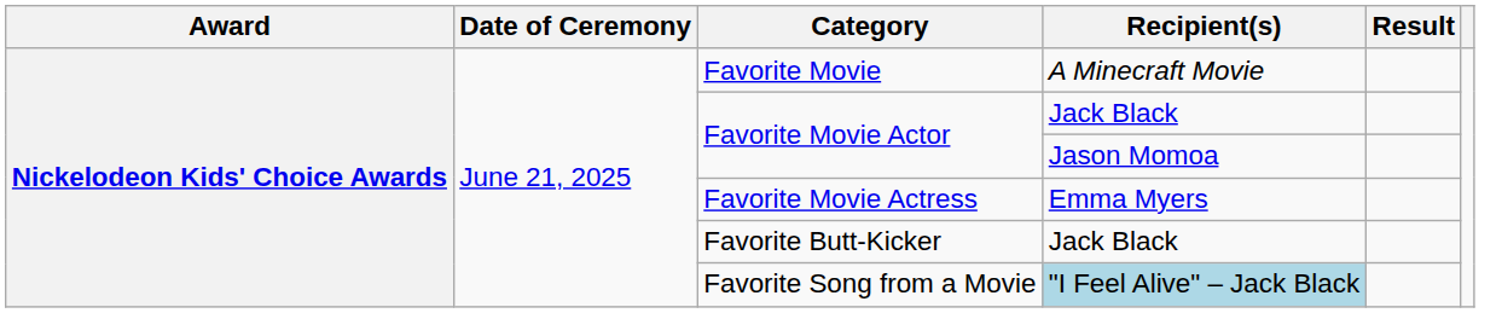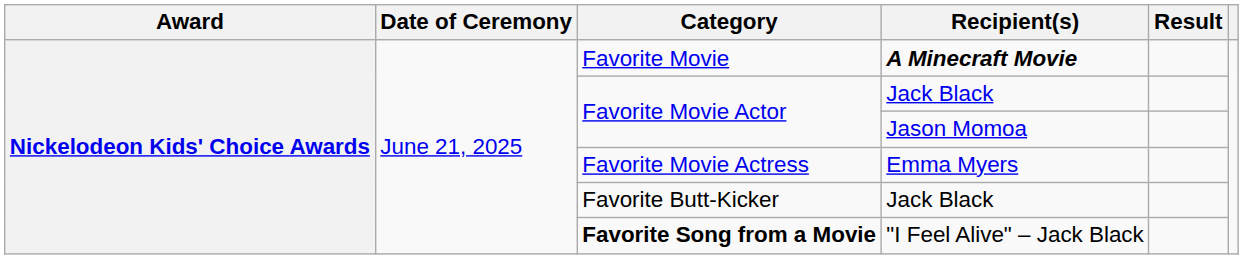 <table class="wikitable sortable plainrowheaders col6center">
 <tr>
 <th scope="col">Award</th>
 <th scope="col">Date of Ceremony</th>
 <th scope="col">Category</th>
 <th scope="col">Recipient(s)</th>
 <th scope="col">Result</th>
 <th scope="col" class="unsortable"></th>
 </tr>
 <tr>
 <th rowspan="6" scope="rowgroup"><a href='#'>Nickelodeon Kids' Choice Awards</a></th>
 <td rowspan="6"><a href='#'>June 21, 2025</a></td>
 <td><a href='#'>Favorite Movie</a></td>
-<td><em>A Minecraft Movie</em></td>
+<td><strong><em>A Minecraft Movie</em></strong></td>
 <td></td>
 <td rowspan="6"></td>
 </tr>
 <tr>
 <td rowspan="2"><a href='#'>Favorite Movie Actor</a></td>
 <td><a href='#'>Jack Black</a></td>
 <td></td>
 </tr>
 <tr>
 <td><a href='#'>Jason Momoa</a></td>
 <td></td>
 </tr>
 <tr>
 <td><a href='#'>Favorite Movie Actress</a></td>
 <td><a href='#'>Emma Myers</a></td>
 <td></td>
 </tr>
 <tr>
 <td>Favorite Butt-Kicker</td>
 <td>Jack Black</td>
 <td></td>
 </tr>
 <tr>
-<td>Favorite Song from a Movie</td>
-<td style="background: lightblue;">"I Feel Alive" – Jack Black</td>
+<td><strong>Favorite Song from a Movie</strong></td>
+<td>"I Feel Alive" – Jack Black</td>
 <td></td>
 </tr>
 </table>
